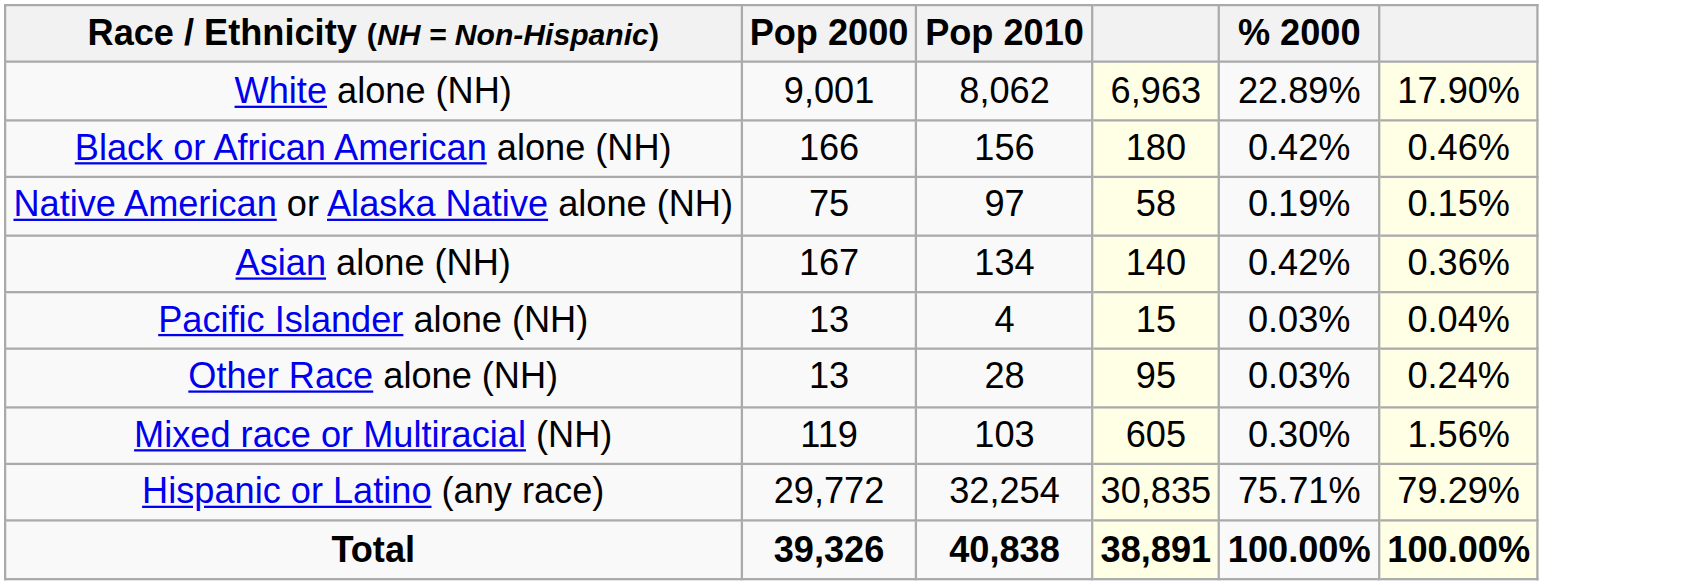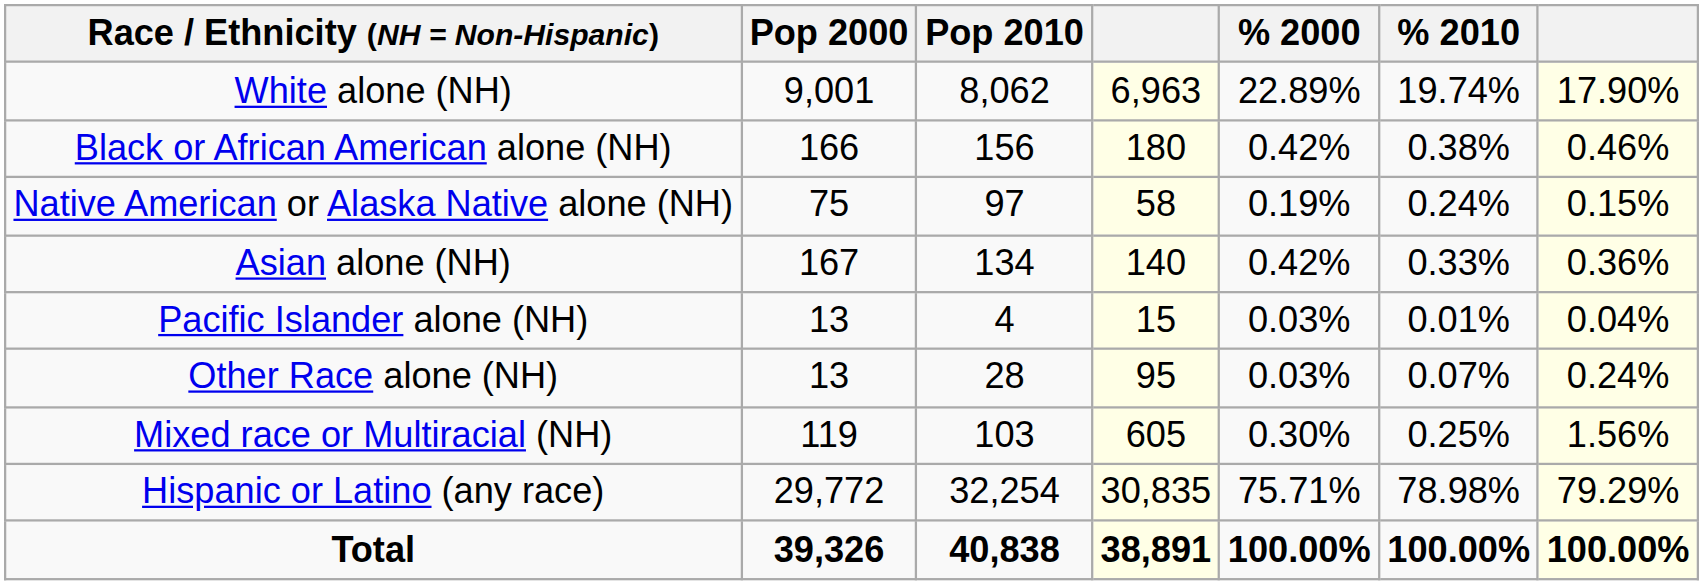 <table class="wikitable" style="text-align:center;">
 <tr>
 <th>Race / Ethnicity <small>(<em>NH = Non-Hispanic</em>)</small></th>
 <th>Pop 2000</th>
 <th>Pop 2010</th>
 <th></th>
 <th>% 2000</th>
+<th>% 2010</th>
 <th></th>
 </tr>
 <tr>
 <td><a href='#'>White</a> alone (NH)</td>
 <td>9,001</td>
 <td>8,062</td>
 <td style='background: #ffffe6;'>6,963</td>
 <td>22.89%</td>
+<td>19.74%</td>
 <td style='background: #ffffe6;'>17.90%</td>
 </tr>
 <tr>
 <td><a href='#'>Black or African American</a> alone (NH)</td>
 <td>166</td>
 <td>156</td>
 <td style='background: #ffffe6;'>180</td>
 <td>0.42%</td>
+<td>0.38%</td>
 <td style='background: #ffffe6;'>0.46%</td>
 </tr>
 <tr>
 <td><a href='#'>Native American</a> or <a href='#'>Alaska Native</a> alone (NH)</td>
 <td>75</td>
 <td>97</td>
 <td style='background: #ffffe6;'>58</td>
 <td>0.19%</td>
+<td>0.24%</td>
 <td style='background: #ffffe6;'>0.15%</td>
 </tr>
 <tr>
 <td><a href='#'>Asian</a> alone (NH)</td>
 <td>167</td>
 <td>134</td>
 <td style='background: #ffffe6;'>140</td>
 <td>0.42%</td>
+<td>0.33%</td>
 <td style='background: #ffffe6;'>0.36%</td>
 </tr>
 <tr>
 <td><a href='#'>Pacific Islander</a> alone (NH)</td>
 <td>13</td>
 <td>4</td>
 <td style='background: #ffffe6;'>15</td>
 <td>0.03%</td>
+<td>0.01%</td>
 <td style='background: #ffffe6;'>0.04%</td>
 </tr>
 <tr>
 <td><a href='#'>Other Race</a> alone (NH)</td>
 <td>13</td>
 <td>28</td>
 <td style='background: #ffffe6;'>95</td>
 <td>0.03%</td>
+<td>0.07%</td>
 <td style='background: #ffffe6;'>0.24%</td>
 </tr>
 <tr>
 <td><a href='#'>Mixed race or Multiracial</a> (NH)</td>
 <td>119</td>
 <td>103</td>
 <td style='background: #ffffe6;'>605</td>
 <td>0.30%</td>
+<td>0.25%</td>
 <td style='background: #ffffe6;'>1.56%</td>
 </tr>
 <tr>
 <td><a href='#'>Hispanic or Latino</a> (any race)</td>
 <td>29,772</td>
 <td>32,254</td>
 <td style='background: #ffffe6;'>30,835</td>
 <td>75.71%</td>
+<td>78.98%</td>
 <td style='background: #ffffe6;'>79.29%</td>
 </tr>
 <tr>
 <td><strong>Total</strong></td>
 <td><strong>39,326</strong></td>
 <td><strong>40,838</strong></td>
 <td style='background: #ffffe6;'><strong>38,891</strong></td>
 <td><strong>100.00%</strong></td>
+<td><strong>100.00%</strong></td>
 <td style='background: #ffffe6;'><strong>100.00%</strong></td>
 </tr>
 </table>
